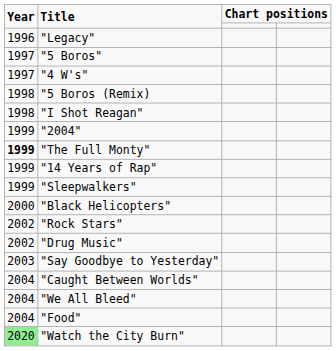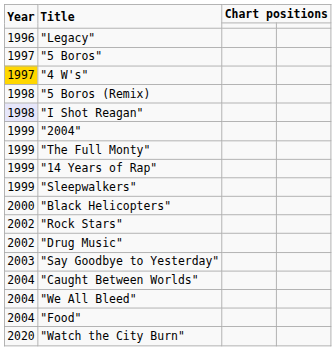 <table class="wikitable">
 <tr>
 <td rowspan="2"><strong>Year</strong></td>
 <td rowspan="2"><strong>Title</strong></td>
 <td colspan="3" style="text-align:center;"><strong>Chart positions</strong></td>
 </tr>
 <tr>
 <td></td>
 <td></td>
 </tr>
 <tr>
 <td>1996</td>
 <td>"Legacy"</td>
 <td></td>
 <td></td>
 </tr>
 <tr>
 <td>1997</td>
 <td>"5 Boros"</td>
 <td></td>
 <td></td>
 </tr>
 <tr>
-<td>1997</td>
+<td style="background: gold;">1997</td>
 <td>"4 W's"</td>
 <td></td>
 <td></td>
 </tr>
 <tr>
 <td>1998</td>
 <td>"5 Boros (Remix)</td>
 <td></td>
 <td></td>
 </tr>
 <tr>
-<td>1998</td>
+<td style="background: lavender;">1998</td>
 <td>"I Shot Reagan"</td>
 <td></td>
 <td></td>
 </tr>
 <tr>
 <td>1999</td>
 <td>"2004"</td>
 <td></td>
 <td></td>
 </tr>
 <tr>
-<td><strong>1999</strong></td>
+<td>1999</td>
 <td>"The Full Monty"</td>
 <td></td>
 <td></td>
 </tr>
 <tr>
 <td>1999</td>
 <td>"14 Years of Rap"</td>
 <td></td>
 <td></td>
 </tr>
 <tr>
 <td>1999</td>
 <td>"Sleepwalkers"</td>
 <td></td>
 <td></td>
 </tr>
 <tr>
 <td>2000</td>
 <td>"Black Helicopters"</td>
 <td></td>
 <td></td>
 </tr>
 <tr>
 <td>2002</td>
 <td>"Rock Stars"</td>
 <td></td>
 <td></td>
 </tr>
 <tr>
 <td>2002</td>
 <td>"Drug Music"</td>
 <td></td>
 <td></td>
 </tr>
 <tr>
 <td>2003</td>
 <td>"Say Goodbye to Yesterday"</td>
 <td></td>
 <td></td>
 </tr>
 <tr>
 <td>2004</td>
 <td>"Caught Between Worlds"</td>
 <td></td>
 <td></td>
 </tr>
 <tr>
 <td>2004</td>
 <td>"We All Bleed"</td>
 <td></td>
 <td></td>
 </tr>
 <tr>
 <td>2004</td>
 <td>"Food"</td>
 <td></td>
 <td></td>
 </tr>
 <tr>
-<td style="background: lightgreen;">2020</td>
+<td>2020</td>
 <td>"Watch the City Burn"</td>
 <td></td>
 <td></td>
 </tr>
 </table>
